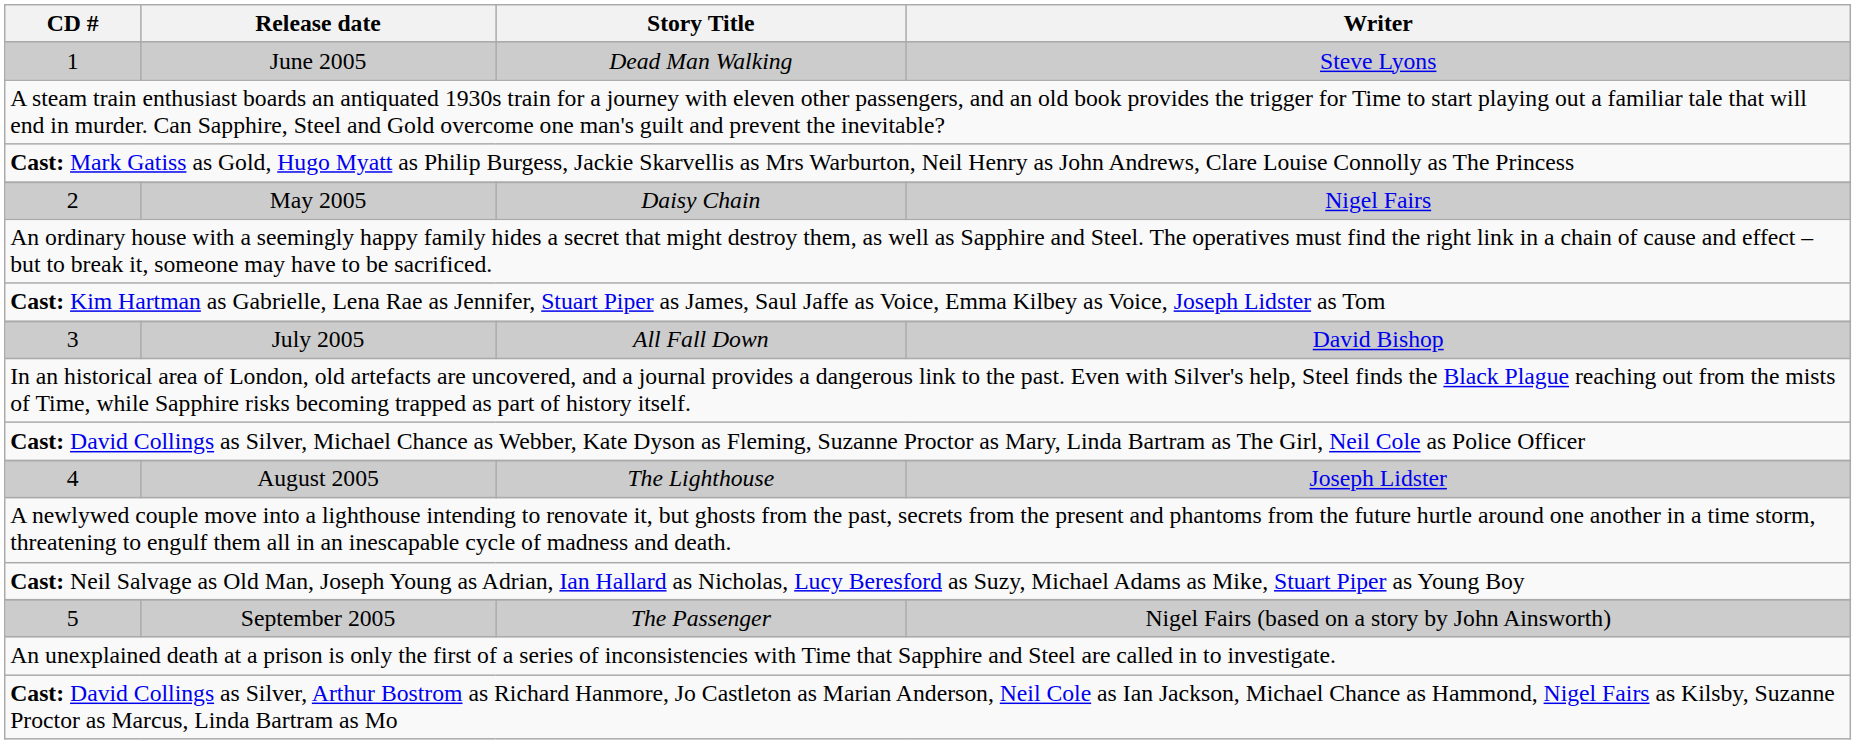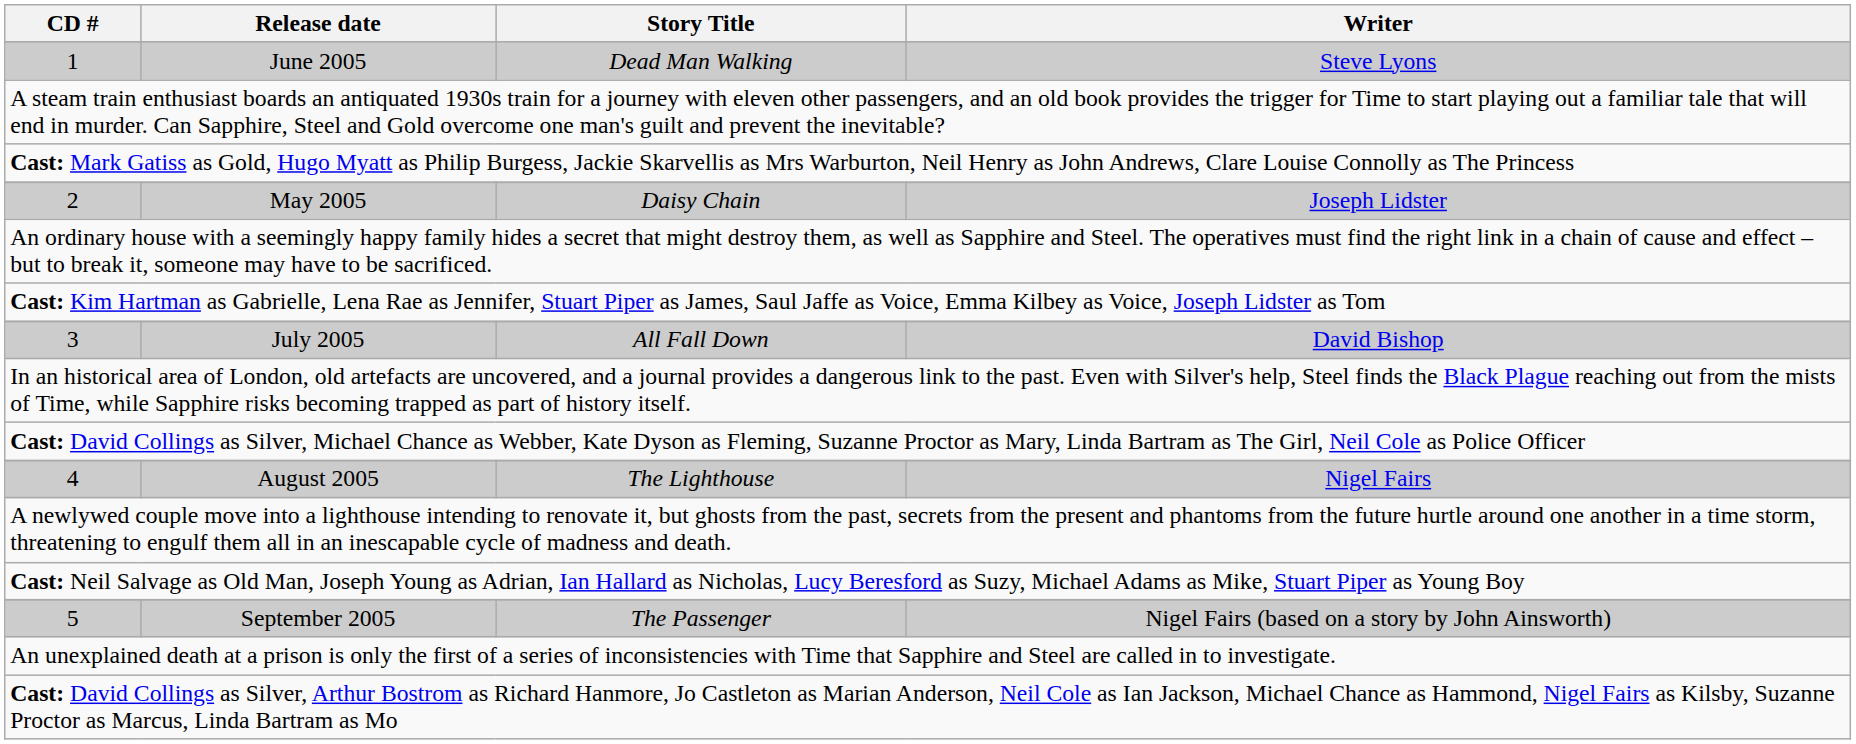 <table class="wikitable">
 <tr>
 <th>CD #</th>
 <th>Release date</th>
 <th>Story Title</th>
 <th>Writer</th>
 </tr>
 <tr>
 </tr>
 <tr style="text-align:center; background:#ccc;">
 <td style="text-align:center;">1</td>
 <td style="text-align:center;">June 2005</td>
 <td style="text-align:center;"><em>Dead Man Walking</em></td>
 <td style="text-align:center;"><a href='#'>Steve Lyons</a></td>
 </tr>
 <tr style="text-align:left;">
 <td colspan="4">A steam train enthusiast boards an antiquated 1930s train for a journey with eleven other passengers, and an old book provides the trigger for Time to start playing out a familiar tale that will end in murder. Can Sapphire, Steel and Gold overcome one man's guilt and prevent the inevitable?</td>
 </tr>
 <tr style="text-align:left;">
 <td colspan="4"><strong>Cast:</strong> <a href='#'>Mark Gatiss</a> as Gold, <a href='#'>Hugo Myatt</a> as Philip Burgess, Jackie Skarvellis as Mrs Warburton, Neil Henry as John Andrews, Clare Louise Connolly as The Princess</td>
 </tr>
 <tr>
 </tr>
 <tr style="text-align:center; background:#ccc;">
 <td style="text-align:center;">2</td>
 <td style="text-align:center;">May 2005</td>
 <td style="text-align:center;"><em>Daisy Chain</em></td>
-<td style="text-align:center;"><a href='#'>Nigel Fairs</a></td>
+<td style="text-align:center;"><a href='#'>Joseph Lidster</a></td>
 </tr>
 <tr style="text-align:left;">
 <td colspan="4">An ordinary house with a seemingly happy family hides a secret that might destroy them, as well as Sapphire and Steel. The operatives must find the right link in a chain of cause and effect – but to break it, someone may have to be sacrificed.</td>
 </tr>
 <tr style="text-align:left;">
 <td colspan="4"><strong>Cast:</strong> <a href='#'>Kim Hartman</a> as Gabrielle, Lena Rae as Jennifer, <a href='#'>Stuart Piper</a> as James, Saul Jaffe as Voice, Emma Kilbey as Voice, <a href='#'>Joseph Lidster</a> as Tom</td>
 </tr>
 <tr>
 </tr>
 <tr style="text-align:center; background:#ccc;">
 <td style="text-align:center;">3</td>
 <td style="text-align:center;">July 2005</td>
 <td style="text-align:center;"><em>All Fall Down</em></td>
 <td style="text-align:center;"><a href='#'>David Bishop</a></td>
 </tr>
 <tr style="text-align:left;">
 <td colspan="4">In an historical area of London, old artefacts are uncovered, and a journal provides a dangerous link to the past. Even with Silver's help, Steel finds the <a href='#'>Black Plague</a> reaching out from the mists of Time, while Sapphire risks becoming trapped as part of history itself.</td>
 </tr>
 <tr style="text-align:left;">
 <td colspan="4"><strong>Cast:</strong> <a href='#'>David Collings</a> as Silver, Michael Chance as Webber, Kate Dyson as Fleming, Suzanne Proctor as Mary, Linda Bartram as The Girl, <a href='#'>Neil Cole</a> as Police Officer</td>
 </tr>
 <tr>
 </tr>
 <tr style="text-align:center; background:#ccc;">
 <td style="text-align:center;">4</td>
 <td style="text-align:center;">August 2005</td>
 <td style="text-align:center;"><em>The Lighthouse</em></td>
-<td style="text-align:center;"><a href='#'>Joseph Lidster</a></td>
+<td style="text-align:center;"><a href='#'>Nigel Fairs</a></td>
 </tr>
 <tr style="text-align:left;">
 <td colspan="4">A newlywed couple move into a lighthouse intending to renovate it, but ghosts from the past, secrets from the present and phantoms from the future hurtle around one another in a time storm, threatening to engulf them all in an inescapable cycle of madness and death.</td>
 </tr>
 <tr style="text-align:left;">
 <td colspan="4"><strong>Cast:</strong> Neil Salvage as Old Man, Joseph Young as Adrian, <a href='#'>Ian Hallard</a> as Nicholas, <a href='#'>Lucy Beresford</a> as Suzy, Michael Adams as Mike, <a href='#'>Stuart Piper</a> as Young Boy</td>
 </tr>
 <tr>
 </tr>
 <tr style="text-align:center; background:#ccc;">
 <td style="text-align:center;">5</td>
 <td style="text-align:center;">September 2005</td>
 <td style="text-align:center;"><em>The Passenger</em></td>
 <td style="text-align:center;">Nigel Fairs (based on a story by John Ainsworth)</td>
 </tr>
 <tr style="text-align:left;">
 <td colspan="4">An unexplained death at a prison is only the first of a series of inconsistencies with Time that Sapphire and Steel are called in to investigate.</td>
 </tr>
 <tr style="text-align:left;">
 <td colspan="4"><strong>Cast:</strong> <a href='#'>David Collings</a> as Silver, <a href='#'>Arthur Bostrom</a> as Richard Hanmore, Jo Castleton as Marian Anderson, <a href='#'>Neil Cole</a> as Ian Jackson, Michael Chance as Hammond, <a href='#'>Nigel Fairs</a> as Kilsby, Suzanne Proctor as Marcus, Linda Bartram as Mo</td>
 </tr>
 </table>
